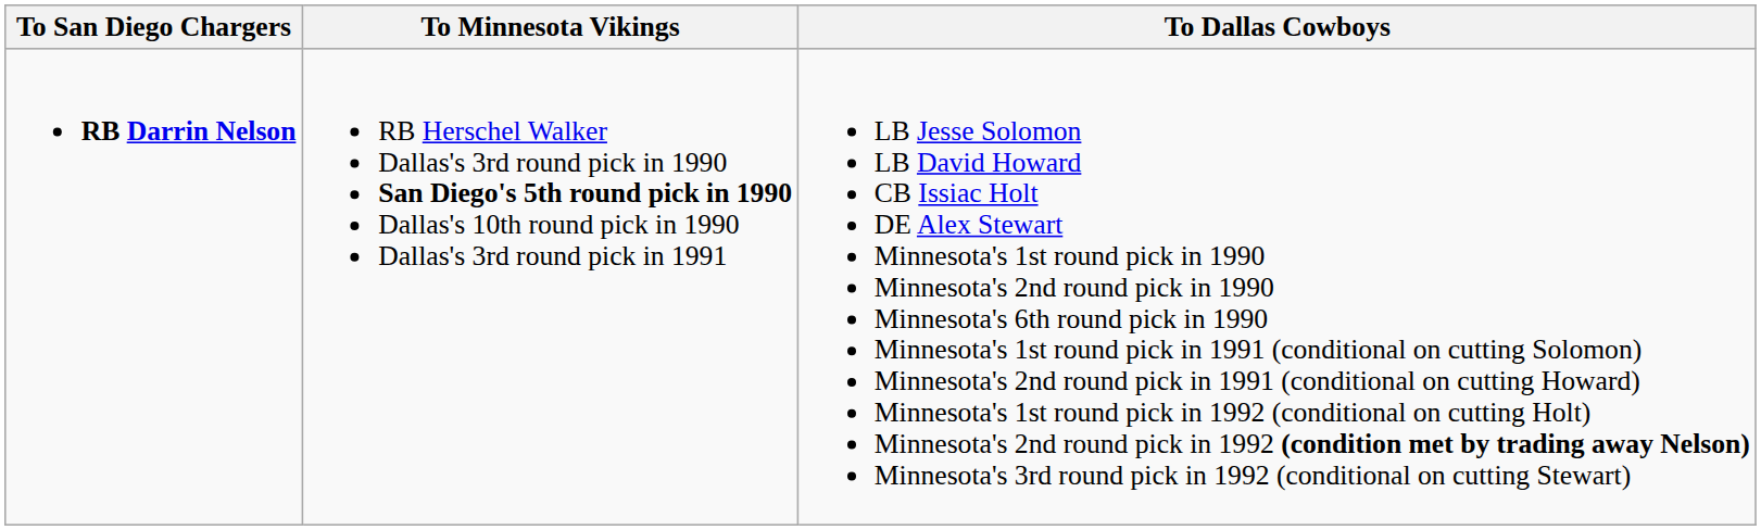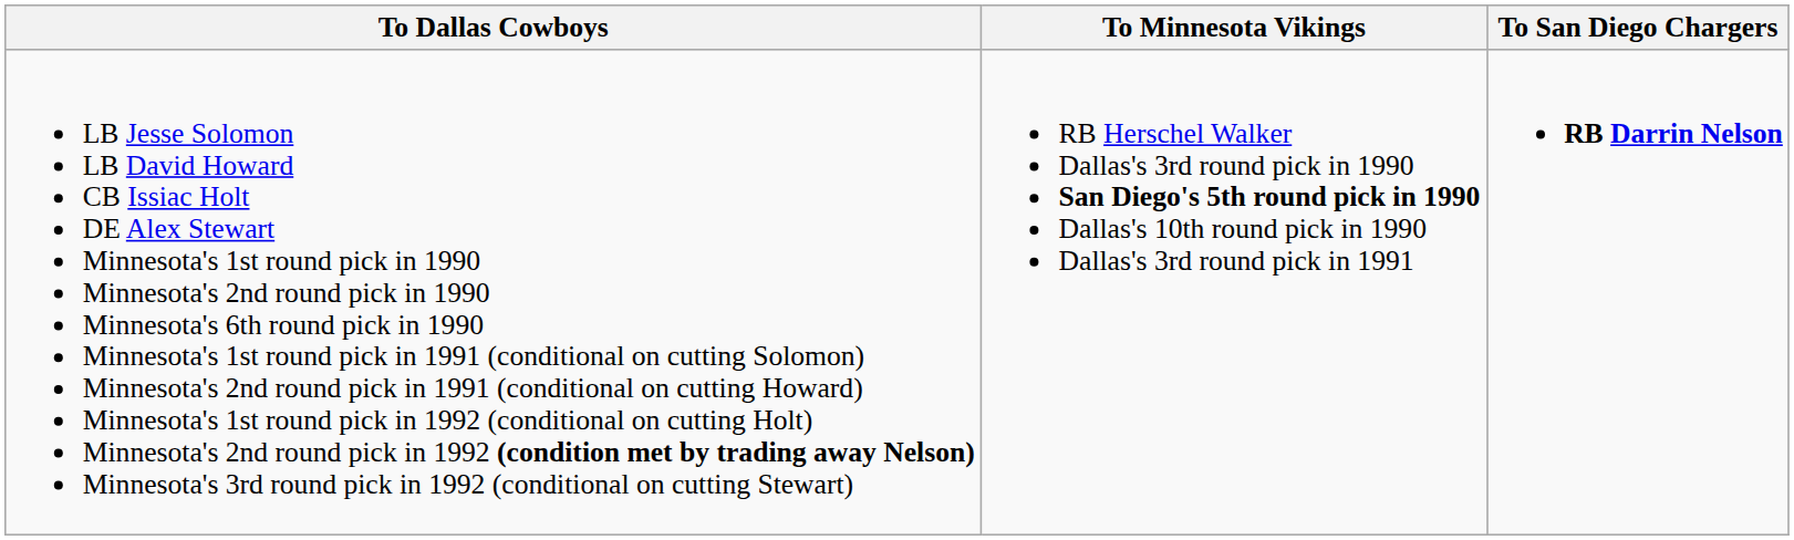 <table class="wikitable">
 <tr>
+<th>To Dallas Cowboys</th>
+<th>To Minnesota Vikings</th>
 <th>To San Diego Chargers</th>
-<th>To Minnesota Vikings</th>
-<th>To Dallas Cowboys</th>
 </tr>
 <tr>
+<td valign="top"><br><ul><li>LB <a href='#'>Jesse Solomon</a></li><li>LB <a href='#'>David Howard</a></li><li>CB <a href='#'>Issiac Holt</a></li><li>DE <a href='#'>Alex Stewart</a></li><li>Minnesota's 1st round pick in 1990</li><li>Minnesota's 2nd round pick in 1990</li><li>Minnesota's 6th round pick in 1990</li><li>Minnesota's 1st round pick in 1991 (conditional on cutting Solomon)</li><li>Minnesota's 2nd round pick in 1991 (conditional on cutting Howard)</li><li>Minnesota's 1st round pick in 1992 (conditional on cutting Holt)</li><li>Minnesota's 2nd round pick in 1992 <strong>(condition met by trading away Nelson)</strong></li><li>Minnesota's 3rd round pick in 1992 (conditional on cutting Stewart)</li></ul></td>
+<td valign="top"><br><ul><li>RB <a href='#'>Herschel Walker</a></li><li>Dallas's 3rd round pick in 1990</li><li><strong>San Diego's 5th round pick in 1990</strong></li><li>Dallas's 10th round pick in 1990</li><li>Dallas's 3rd round pick in 1991</li></ul></td>
 <td valign="top"><br><ul><li><strong>RB <a href='#'>Darrin Nelson</a></strong></li></ul></td>
-<td valign="top"><br><ul><li>RB <a href='#'>Herschel Walker</a></li><li>Dallas's 3rd round pick in 1990</li><li><strong>San Diego's 5th round pick in 1990</strong></li><li>Dallas's 10th round pick in 1990</li><li>Dallas's 3rd round pick in 1991</li></ul></td>
-<td valign="top"><br><ul><li>LB <a href='#'>Jesse Solomon</a></li><li>LB <a href='#'>David Howard</a></li><li>CB <a href='#'>Issiac Holt</a></li><li>DE <a href='#'>Alex Stewart</a></li><li>Minnesota's 1st round pick in 1990</li><li>Minnesota's 2nd round pick in 1990</li><li>Minnesota's 6th round pick in 1990</li><li>Minnesota's 1st round pick in 1991 (conditional on cutting Solomon)</li><li>Minnesota's 2nd round pick in 1991 (conditional on cutting Howard)</li><li>Minnesota's 1st round pick in 1992 (conditional on cutting Holt)</li><li>Minnesota's 2nd round pick in 1992 <strong>(condition met by trading away Nelson)</strong></li><li>Minnesota's 3rd round pick in 1992 (conditional on cutting Stewart)</li></ul></td>
 </tr>
 </table>
